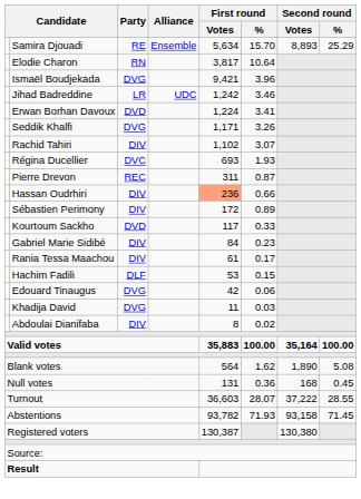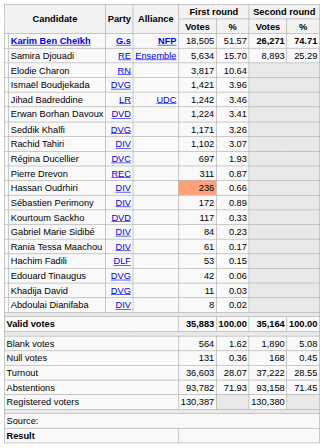 <table class="wikitable" style="text-align:right;font-size:95%;">
 <tr>
 <th colspan="2" rowspan="2">Candidate</th>
 <th colspan="1" rowspan="2">Party</th>
 <th colspan="1" rowspan="2">Alliance</th>
 <th colspan="2">First round</th>
 <th colspan="2">Second round</th>
 </tr>
 <tr>
 <th style="width:50px;">Votes</th>
 <th style="width:45px;">%</th>
 <th style="width:50px;">Votes</th>
 <th style="width:45px;">%</th>
+</tr>
+<tr>
+<td style="color:inherit;background:"></td>
+<td style="text-align:left;"><strong><a href='#'>Karim Ben Cheïkh</a></strong></td>
+<td><a href='#'><strong>G.s</strong></a></td>
+<td><a href='#'><strong>NFP</strong></a></td>
+<td>18,505</td>
+<td>51.57</td>
+<td><strong>26,271</strong></td>
+<td><strong>74.71</strong></td>
 </tr>
 <tr>
 <td style="color:inherit;background:"></td>
 <td style="text-align:left;">Samira Djouadi</td>
 <td><a href='#'>RE</a></td>
 <td><a href='#'>Ensemble</a></td>
 <td>5,634</td>
 <td>15.70</td>
 <td>8,893</td>
 <td>25.29</td>
 </tr>
 <tr>
 <td style="color:inherit;background:"></td>
 <td style="text-align:left;">Elodie Charon</td>
 <td><a href='#'>RN</a></td>
 <td></td>
 <td>3,817</td>
 <td>10.64</td>
 <td colspan="2" rowspan="1" style="background:#E9E9E9;"></td>
 </tr>
 <tr>
 <td style="color:inherit;background:"></td>
 <td style="text-align:left;">Ismaël Boudjekada</td>
 <td><a href='#'>DVG</a></td>
 <td></td>
-<td>9,421</td>
+<td>1,421</td>
 <td>3.96</td>
 <td colspan="2" rowspan="1" style="background:#E9E9E9;"></td>
 </tr>
 <tr>
 <td style="color:inherit;background:"></td>
 <td style="text-align:left;">Jihad Badreddine</td>
 <td><a href='#'>LR</a></td>
 <td><a href='#'>UDC</a></td>
 <td>1,242</td>
 <td>3.46</td>
 <td colspan="2" rowspan="1" style="background:#E9E9E9;"></td>
 </tr>
 <tr>
 <td style="color:inherit;background:"></td>
 <td style="text-align:left;">Erwan Borhan Davoux</td>
 <td><a href='#'>DVD</a></td>
 <td></td>
 <td>1,224</td>
 <td>3.41</td>
 <td colspan="2" rowspan="1" style="background:#E9E9E9;"></td>
 </tr>
 <tr>
 <td style="color:inherit;background:"></td>
 <td style="text-align:left;">Seddik Khalfi</td>
 <td><a href='#'>DVG</a></td>
 <td></td>
 <td>1,171</td>
 <td>3.26</td>
 <td colspan="2" rowspan="1" style="background:#E9E9E9;"></td>
 </tr>
 <tr>
 <td style="color:inherit;background:"></td>
 <td style="text-align:left;">Rachid Tahiri</td>
 <td><a href='#'>DIV</a></td>
 <td></td>
 <td>1,102</td>
 <td>3.07</td>
 <td colspan="2" rowspan="1" style="background:#E9E9E9;"></td>
 </tr>
 <tr>
 <td style="color:inherit;background:"></td>
 <td style="text-align:left;">Régina Ducellier</td>
 <td><a href='#'>DVC</a></td>
 <td></td>
-<td>693</td>
+<td>697</td>
 <td>1.93</td>
 <td colspan="2" style="background:#E9E9E9;"></td>
 </tr>
 <tr>
 <td style="color:inherit;background:"></td>
 <td style="text-align:left;">Pierre Drevon</td>
 <td><a href='#'>REC</a></td>
 <td></td>
 <td>311</td>
 <td>0.87</td>
 <td colspan="2" style="background:#E9E9E9;"></td>
 </tr>
 <tr>
 <td style="color:inherit;background:"></td>
 <td style="text-align:left;">Hassan Oudrhiri</td>
 <td><a href='#'>DIV</a></td>
 <td></td>
 <td style="background: lightsalmon;">236</td>
 <td>0.66</td>
 <td colspan="2" style="background:#E9E9E9;"></td>
 </tr>
 <tr>
 <td style="color:inherit;background:"></td>
 <td style="text-align:left;">Sébastien Perimony</td>
 <td><a href='#'>DIV</a></td>
 <td></td>
 <td>172</td>
 <td>0.89</td>
 <td colspan="2" style="background:#E9E9E9;"></td>
 </tr>
 <tr>
 <td style="color:inherit;background:"></td>
 <td style="text-align:left;">Kourtoum Sackho</td>
 <td><a href='#'>DVD</a></td>
 <td></td>
 <td>117</td>
 <td>0.33</td>
 <td colspan="2" style="background:#E9E9E9;"></td>
 </tr>
 <tr>
 <td style="color:inherit;background:"></td>
 <td style="text-align:left;">Gabriel Marie Sidibé</td>
 <td><a href='#'>DIV</a></td>
 <td></td>
 <td>84</td>
 <td>0.23</td>
 <td colspan="2" style="background:#E9E9E9;"></td>
 </tr>
 <tr>
 <td style="color:inherit;background:"></td>
 <td style="text-align:left;">Rania Tessa Maachou</td>
 <td><a href='#'>DIV</a></td>
 <td></td>
 <td>61</td>
 <td>0.17</td>
 <td colspan="2" style="background:#E9E9E9;"></td>
 </tr>
 <tr>
 <td style="color:inherit;background:"></td>
 <td style="text-align:left;">Hachim Fadili</td>
 <td><a href='#'>DLF</a></td>
 <td></td>
 <td>53</td>
 <td>0.15</td>
 <td colspan="2" style="background:#E9E9E9;"></td>
 </tr>
 <tr>
 <td style="color:inherit;background:"></td>
 <td style="text-align:left;">Edouard Tinaugus</td>
 <td><a href='#'>DVG</a></td>
 <td></td>
 <td>42</td>
 <td>0.06</td>
 <td colspan="2" style="background:#E9E9E9;"></td>
 </tr>
 <tr>
 <td style="color:inherit;background:"></td>
 <td style="text-align:left;">Khadija David</td>
 <td><a href='#'>DVG</a></td>
 <td></td>
 <td>11</td>
 <td>0.03</td>
 <td colspan="2" style="background:#E9E9E9;"></td>
 </tr>
 <tr>
 <td style="color:inherit;background:"></td>
 <td style="text-align:left;">Abdoulai Dianifaba</td>
 <td><a href='#'>DIV</a></td>
 <td></td>
 <td>8</td>
 <td>0.02</td>
 <td colspan="2" style="background:#E9E9E9;"></td>
 </tr>
 <tr>
 <td colspan="8" style="background:#E9E9E9;"></td>
 </tr>
 <tr style="font-weight:bold;">
 <td colspan="4" style="text-align:left;">Valid votes</td>
 <td>35,883</td>
 <td>100.00</td>
 <td>35,164</td>
 <td>100.00</td>
 </tr>
 <tr>
 <td colspan="8" style="background:#E9E9E9;"></td>
 </tr>
 <tr>
 <td colspan="4" style="text-align:left;">Blank votes</td>
 <td>564</td>
 <td>1.62</td>
 <td>1,890</td>
 <td>5.08</td>
 </tr>
 <tr>
 <td colspan="4" style="text-align:left;">Null votes</td>
 <td>131</td>
 <td>0.36</td>
 <td>168</td>
 <td>0.45</td>
 </tr>
 <tr>
 <td colspan="4" style="text-align:left;">Turnout</td>
 <td>36,603</td>
 <td>28.07</td>
 <td>37,222</td>
 <td>28.55</td>
 </tr>
 <tr>
 <td colspan="4" style="text-align:left;">Abstentions</td>
 <td>93,782</td>
 <td>71.93</td>
 <td>93,158</td>
 <td>71.45</td>
 </tr>
 <tr>
 <td colspan="4" style="text-align:left;">Registered voters</td>
 <td>130,387</td>
 <td style="background:#E9E9E9;"></td>
 <td>130,380</td>
 <td style="background:#E9E9E9;"></td>
 </tr>
 <tr>
 <td colspan="8" style="background:#E9E9E9;"></td>
 </tr>
 <tr>
 <td colspan="8" style="text-align:left;">Source: </td>
 </tr>
 <tr style="font-weight:bold">
 <td colspan="4" style="text-align:left;">Result</td>
 <td colspan="4" style="background-color:"></td>
 </tr>
 </table>
